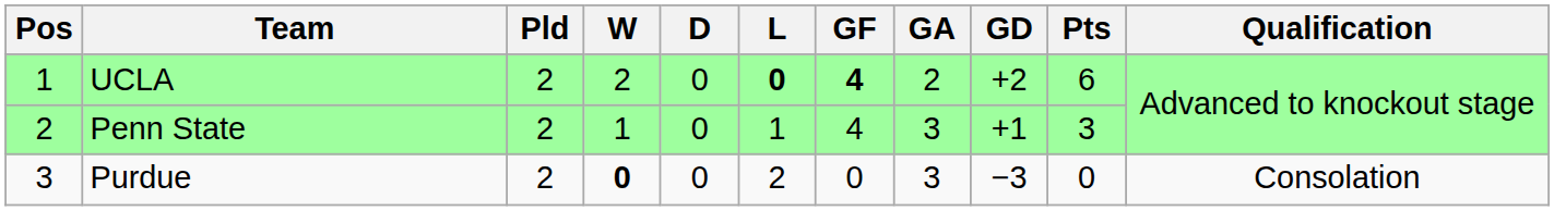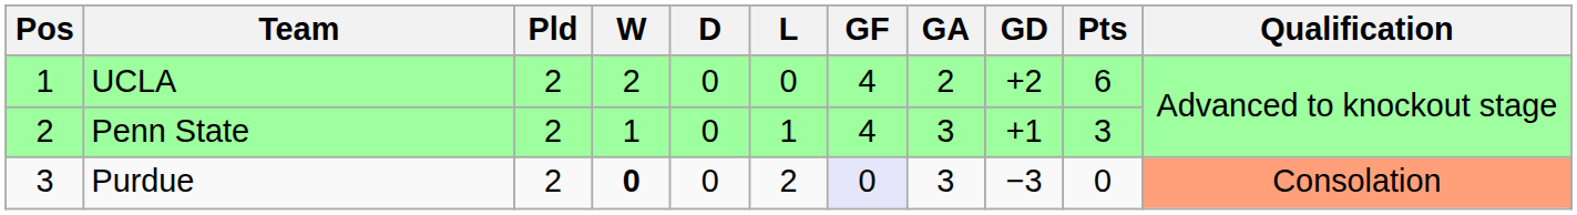 <table class="wikitable" style="text-align:center; margin: 1em auto">
 <tr>
 <th style="width:2em">Pos</th>
 <th style="width:13em">Team</th>
 <th style="width:2em">Pld</th>
 <th style="width:2em">W</th>
 <th style="width:2em">D</th>
 <th style="width:2em">L</th>
 <th style="width:2em">GF</th>
 <th style="width:2em">GA</th>
 <th style="width:2em">GD</th>
 <th style="width:2em">Pts</th>
 <th style="width:13em">Qualification</th>
 </tr>
 <tr bgcolor="#9eff9e">
 <td>1</td>
 <td style="text-align:left">UCLA</td>
 <td>2</td>
 <td>2</td>
 <td>0</td>
-<td><strong>0</strong></td>
-<td><strong>4</strong></td>
+<td>0</td>
+<td>4</td>
 <td>2</td>
 <td>+2</td>
 <td>6</td>
 <td rowspan="2">Advanced to knockout stage</td>
 </tr>
 <tr bgcolor="#9eff9e">
 <td>2</td>
 <td style="text-align:left">Penn State</td>
 <td>2</td>
 <td>1</td>
 <td>0</td>
 <td>1</td>
 <td>4</td>
 <td>3</td>
 <td>+1</td>
 <td>3</td>
 </tr>
 <tr>
 <td>3</td>
 <td style="text-align:left">Purdue</td>
 <td>2</td>
 <td><strong>0</strong></td>
 <td>0</td>
 <td>2</td>
-<td>0</td>
+<td style="background: lavender;">0</td>
 <td>3</td>
 <td>−3</td>
 <td>0</td>
-<td>Consolation</td>
+<td style="background: lightsalmon;">Consolation</td>
 </tr>
 </table>
